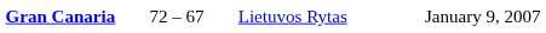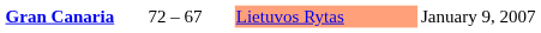 <table style="text-align:center">
 <tr>
 <th width=160></th>
 <th width=100></th>
 <th width=160></th>
 <th width=200></th>
 </tr>
 <tr>
 <td align=right><strong><a href='#'>Gran Canaria</a></strong> </td>
 <td>72 – 67</td>
-<td align=left> <a href='#'>Lietuvos Rytas</a></td>
+<td align=left style="background: lightsalmon;"> <a href='#'>Lietuvos Rytas</a></td>
 <td align=left>January 9, 2007</td>
 </tr>
 </table>
